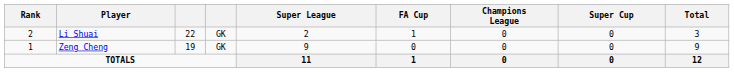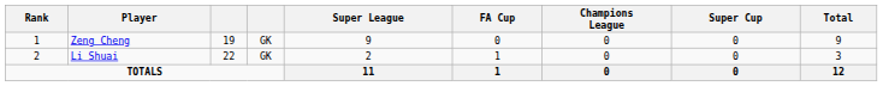 <table class="wikitable" style="text-align:center" width=58%>
 <tr>
 <th>Rank</th>
 <th>Player</th>
 <th></th>
 <th></th>
 <th>Super League</th>
 <th>FA Cup</th>
 <th>Champions<br>League</th>
 <th>Super Cup</th>
 <th>Total</th>
 </tr>
 <tr>
+<td>1</td>
+<td align=left> <a href='#'>Zeng Cheng</a></td>
+<td>19</td>
+<td>GK</td>
+<td>9</td>
+<td>0</td>
+<td>0</td>
+<td>0</td>
+<td>9</td>
+</tr>
+<tr>
 <td>2</td>
 <td align=left> <a href='#'>Li Shuai</a></td>
 <td>22</td>
 <td>GK</td>
 <td>2</td>
 <td>1</td>
 <td>0</td>
 <td>0</td>
 <td>3</td>
 </tr>
 <tr>
-<td>1</td>
-<td align=left> <a href='#'>Zeng Cheng</a></td>
-<td>19</td>
-<td>GK</td>
-<td>9</td>
-<td>0</td>
-<td>0</td>
-<td>0</td>
-<td>9</td>
-</tr>
-<tr>
 <td colspan=4><strong>TOTALS</strong></td>
 <th>11</th>
 <th>1</th>
 <th>0</th>
 <th>0</th>
 <th>12</th>
 </tr>
 </table>
